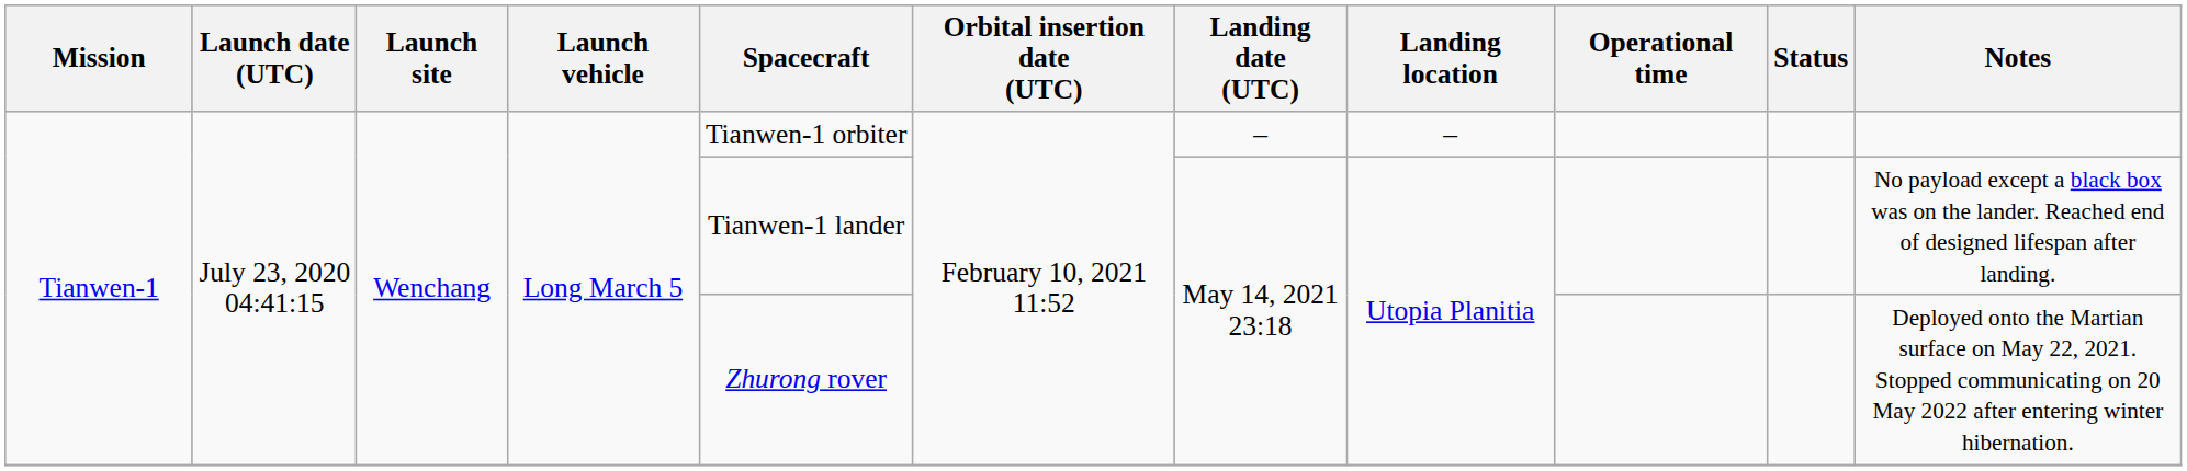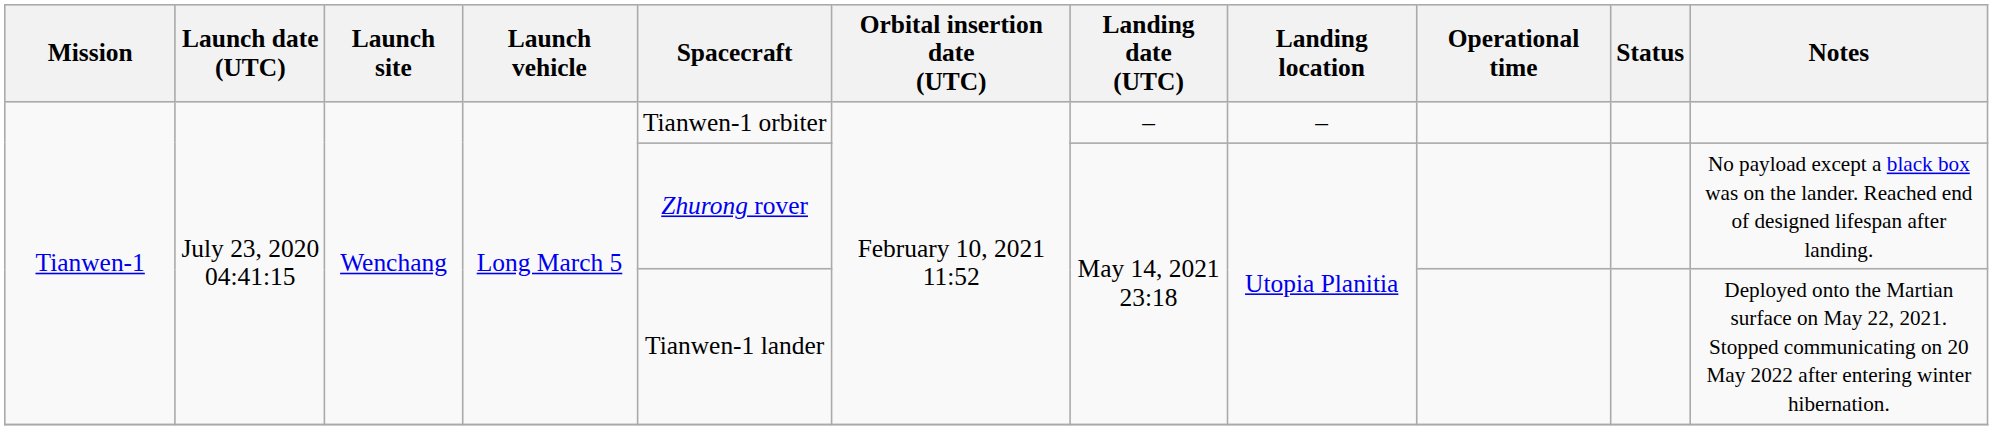 <table class="wikitable" style="text-align: center">
 <tr>
 <th width="100px">Mission</th>
 <th>Launch date<br>(UTC)</th>
 <th>Launch site</th>
 <th>Launch vehicle</th>
 <th>Spacecraft</th>
 <th>Orbital insertion date<br>(UTC)</th>
 <th>Landing date<br>(UTC)</th>
 <th>Landing location</th>
 <th>Operational time</th>
 <th>Status</th>
 <th style="width:15%;">Notes</th>
 </tr>
 <tr>
 <td rowspan="3" style="white-space:nowrap;"><a href='#'>Tianwen-1</a></td>
 <td rowspan="3" style="white-space:nowrap;">July 23, 2020<br>04:41:15</td>
 <td rowspan="3"><a href='#'>Wenchang</a></td>
 <td rowspan="3" style="white-space:nowrap;"><a href='#'>Long March 5</a></td>
 <td style="white-space:nowrap;">Tianwen-1 orbiter</td>
 <td rowspan="3">February 10, 2021<br>11:52</td>
 <td>–</td>
 <td>–</td>
 <td></td>
 <td></td>
 <td></td>
 </tr>
 <tr>
-<td>Tianwen-1 lander</td>
+<td><a href='#'><em>Zhurong</em> rover</a></td>
 <td rowspan="2" style="white-space:nowrap;">May 14, 2021<br>23:18</td>
 <td rowspan="2"><a href='#'>Utopia Planitia</a><br></td>
 <td></td>
 <td></td>
 <td><small>No payload except a <a href='#'>black box</a> was on the lander. Reached end of designed lifespan after landing.</small></td>
 </tr>
 <tr>
-<td><a href='#'><em>Zhurong</em> rover</a></td>
+<td>Tianwen-1 lander</td>
 <td></td>
 <td></td>
 <td><small>Deployed onto the Martian surface on May 22, 2021. Stopped communicating on 20 May 2022 after entering winter hibernation.</small></td>
 </tr>
 <tr>
 </tr>
 </table>
